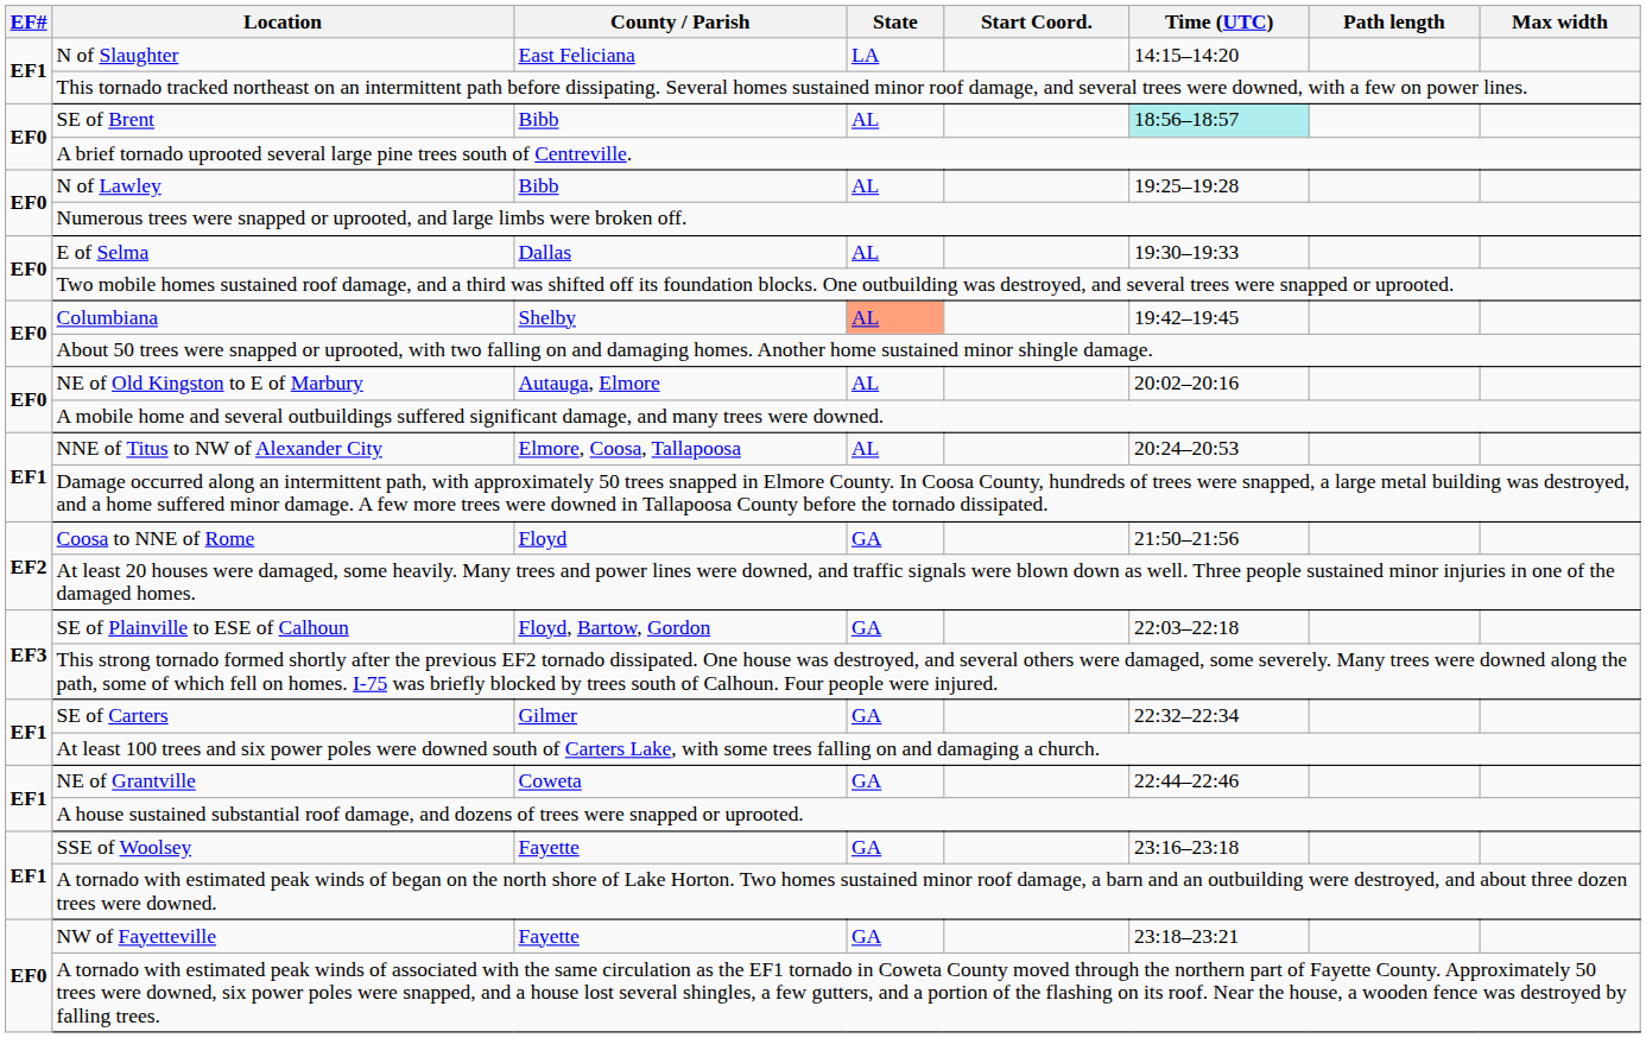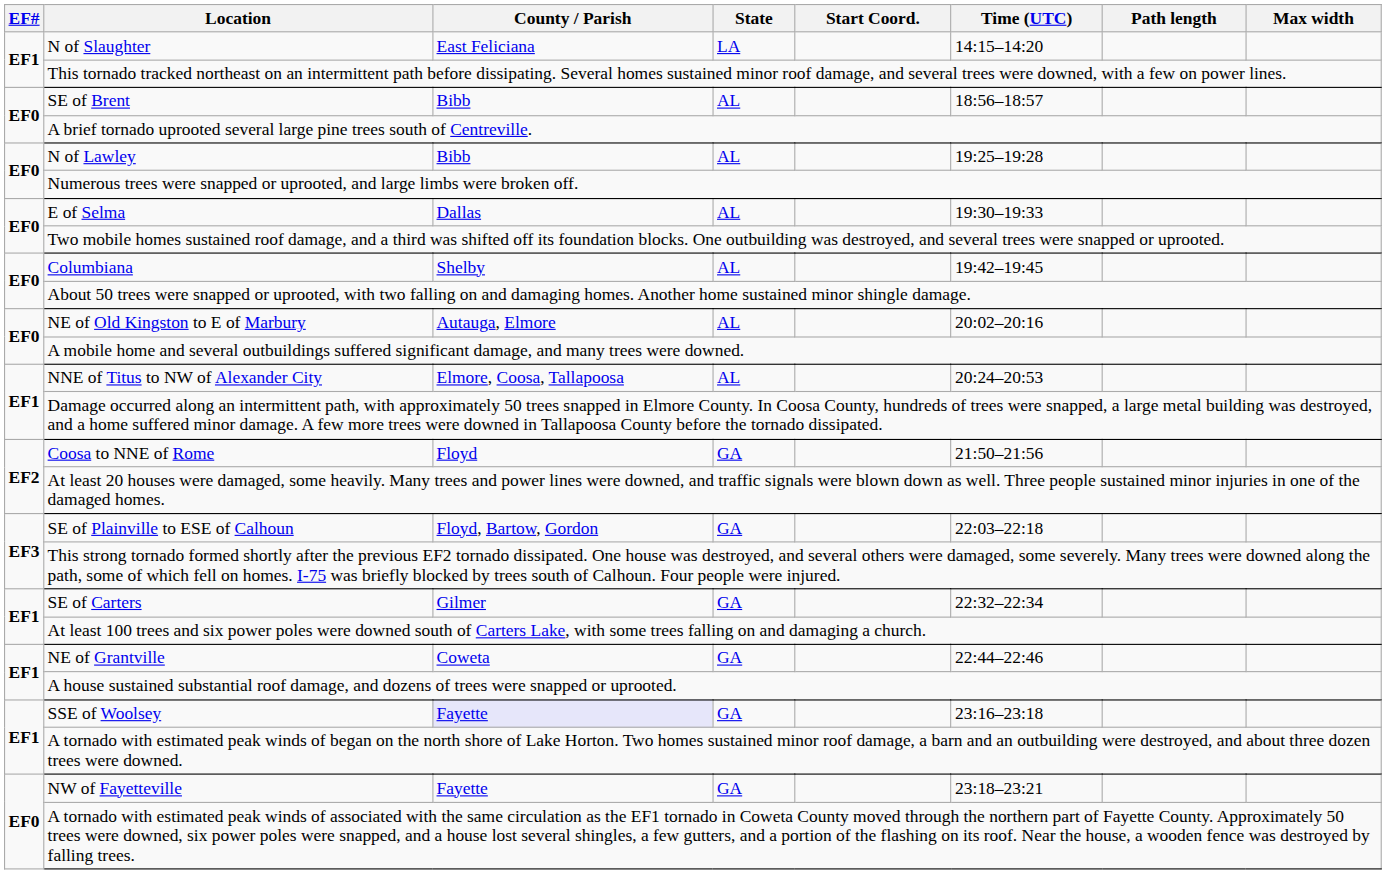 <table class="wikitable sortable" style="width:100%;">
 <tr>
 <th scope="col" width="2%" align="center"><a href='#'>EF#</a></th>
 <th scope="col" align="center" class="unsortable">Location</th>
 <th scope="col" align="center" class="unsortable">County / Parish</th>
 <th scope="col" align="center">State</th>
 <th scope="col" align="center" data-sort-type="number">Start Coord.</th>
 <th scope="col" align="center" data-sort-type="number">Time (<a href='#'>UTC</a>)</th>
 <th scope="col" align="center" data-sort-type="number">Path length</th>
 <th scope="col" align="center" data-sort-type="number">Max width</th>
 </tr>
 <tr>
 <td rowspan="2" align="center"><strong>EF1</strong></td>
 <td>N of <a href='#'>Slaughter</a></td>
 <td><a href='#'>East Feliciana</a></td>
 <td><a href='#'>LA</a></td>
 <td></td>
 <td>14:15–14:20</td>
 <td></td>
 <td></td>
 </tr>
 <tr class="expand-child">
 <td colspan="7" style=" border-bottom: 1px solid black;">This tornado tracked northeast on an intermittent path before dissipating. Several homes sustained minor roof damage, and several trees were downed, with a few on power lines.</td>
 </tr>
 <tr>
 <td rowspan="2" align="center"><strong>EF0</strong></td>
 <td>SE of <a href='#'>Brent</a></td>
 <td><a href='#'>Bibb</a></td>
 <td><a href='#'>AL</a></td>
 <td></td>
-<td style="background: paleturquoise;">18:56–18:57</td>
+<td>18:56–18:57</td>
 <td></td>
 <td></td>
 </tr>
 <tr class="expand-child">
 <td colspan="7" style=" border-bottom: 1px solid black;">A brief tornado uprooted several large pine trees south of <a href='#'>Centreville</a>.</td>
 </tr>
 <tr>
 <td rowspan="2" align="center"><strong>EF0</strong></td>
 <td>N of <a href='#'>Lawley</a></td>
 <td><a href='#'>Bibb</a></td>
 <td><a href='#'>AL</a></td>
 <td></td>
 <td>19:25–19:28</td>
 <td></td>
 <td></td>
 </tr>
 <tr class="expand-child">
 <td colspan="7" style=" border-bottom: 1px solid black;">Numerous trees were snapped or uprooted, and large limbs were broken off.</td>
 </tr>
 <tr>
 <td rowspan="2" align="center"><strong>EF0</strong></td>
 <td>E of <a href='#'>Selma</a></td>
 <td><a href='#'>Dallas</a></td>
 <td><a href='#'>AL</a></td>
 <td></td>
 <td>19:30–19:33</td>
 <td></td>
 <td></td>
 </tr>
 <tr class="expand-child">
 <td colspan="7" style=" border-bottom: 1px solid black;">Two mobile homes sustained roof damage, and a third was shifted off its foundation blocks. One outbuilding was destroyed, and several trees were snapped or uprooted.</td>
 </tr>
 <tr>
 <td rowspan="2" align="center"><strong>EF0</strong></td>
 <td><a href='#'>Columbiana</a></td>
 <td><a href='#'>Shelby</a></td>
-<td style="background: lightsalmon;"><a href='#'>AL</a></td>
+<td><a href='#'>AL</a></td>
 <td></td>
 <td>19:42–19:45</td>
 <td></td>
 <td></td>
 </tr>
 <tr class="expand-child">
 <td colspan="7" style=" border-bottom: 1px solid black;">About 50 trees were snapped or uprooted, with two falling on and damaging homes. Another home sustained minor shingle damage.</td>
 </tr>
 <tr>
 <td rowspan="2" align="center"><strong>EF0</strong></td>
 <td>NE of <a href='#'>Old Kingston</a> to E of <a href='#'>Marbury</a></td>
 <td><a href='#'>Autauga</a>, <a href='#'>Elmore</a></td>
 <td><a href='#'>AL</a></td>
 <td></td>
 <td>20:02–20:16</td>
 <td></td>
 <td></td>
 </tr>
 <tr class="expand-child">
 <td colspan="7" style=" border-bottom: 1px solid black;">A mobile home and several outbuildings suffered significant damage, and many trees were downed.</td>
 </tr>
 <tr>
 <td rowspan="2" align="center"><strong>EF1</strong></td>
 <td>NNE of <a href='#'>Titus</a> to NW of <a href='#'>Alexander City</a></td>
 <td><a href='#'>Elmore</a>, <a href='#'>Coosa</a>, <a href='#'>Tallapoosa</a></td>
 <td><a href='#'>AL</a></td>
 <td></td>
 <td>20:24–20:53</td>
 <td></td>
 <td></td>
 </tr>
 <tr class="expand-child">
 <td colspan="7" style=" border-bottom: 1px solid black;">Damage occurred along an intermittent path, with approximately 50 trees snapped in Elmore County. In Coosa County, hundreds of trees were snapped, a large metal building was destroyed, and a home suffered minor damage. A few more trees were downed in Tallapoosa County before the tornado dissipated.</td>
 </tr>
 <tr>
 <td rowspan="2" align="center"><strong>EF2</strong></td>
 <td><a href='#'>Coosa</a> to NNE of <a href='#'>Rome</a></td>
 <td><a href='#'>Floyd</a></td>
 <td><a href='#'>GA</a></td>
 <td></td>
 <td>21:50–21:56</td>
 <td></td>
 <td></td>
 </tr>
 <tr class="expand-child">
 <td colspan="7" style=" border-bottom: 1px solid black;">At least 20 houses were damaged, some heavily. Many trees and power lines were downed, and traffic signals were blown down as well. Three people sustained minor injuries in one of the damaged homes.</td>
 </tr>
 <tr>
 <td rowspan="2" align="center"><strong>EF3</strong></td>
 <td>SE of <a href='#'>Plainville</a> to ESE of <a href='#'>Calhoun</a></td>
 <td><a href='#'>Floyd</a>, <a href='#'>Bartow</a>, <a href='#'>Gordon</a></td>
 <td><a href='#'>GA</a></td>
 <td></td>
 <td>22:03–22:18</td>
 <td></td>
 <td></td>
 </tr>
 <tr class="expand-child">
 <td colspan="7" style=" border-bottom: 1px solid black;">This strong tornado formed shortly after the previous EF2 tornado dissipated. One house was destroyed, and several others were damaged, some severely. Many trees were downed along the path, some of which fell on homes. <a href='#'>I-75</a> was briefly blocked by trees south of Calhoun. Four people were injured.</td>
 </tr>
 <tr>
 <td rowspan="2" align="center"><strong>EF1</strong></td>
 <td>SE of <a href='#'>Carters</a></td>
 <td><a href='#'>Gilmer</a></td>
 <td><a href='#'>GA</a></td>
 <td></td>
 <td>22:32–22:34</td>
 <td></td>
 <td></td>
 </tr>
 <tr class="expand-child">
 <td colspan="7" style=" border-bottom: 1px solid black;">At least 100 trees and six power poles were downed south of <a href='#'>Carters Lake</a>, with some trees falling on and damaging a church.</td>
 </tr>
 <tr>
 <td rowspan="2" align="center"><strong>EF1</strong></td>
 <td>NE of <a href='#'>Grantville</a></td>
 <td><a href='#'>Coweta</a></td>
 <td><a href='#'>GA</a></td>
 <td></td>
 <td>22:44–22:46</td>
 <td></td>
 <td></td>
 </tr>
 <tr class="expand-child">
 <td colspan="7" style=" border-bottom: 1px solid black;">A house sustained substantial roof damage, and dozens of trees were snapped or uprooted.</td>
 </tr>
 <tr>
 <td rowspan="2" align="center"><strong>EF1</strong></td>
 <td>SSE of <a href='#'>Woolsey</a></td>
-<td><a href='#'>Fayette</a></td>
+<td style="background: lavender;"><a href='#'>Fayette</a></td>
 <td><a href='#'>GA</a></td>
 <td></td>
 <td>23:16–23:18</td>
 <td></td>
 <td></td>
 </tr>
 <tr class="expand-child">
 <td colspan="7" style=" border-bottom: 1px solid black;">A tornado with estimated peak winds of  began on the north shore of Lake Horton. Two homes sustained minor roof damage, a barn and an outbuilding were destroyed, and about three dozen trees were downed.</td>
 </tr>
 <tr>
 <td rowspan="2" align="center"><strong>EF0</strong></td>
 <td>NW of <a href='#'>Fayetteville</a></td>
 <td><a href='#'>Fayette</a></td>
 <td><a href='#'>GA</a></td>
 <td></td>
 <td>23:18–23:21</td>
 <td></td>
 <td></td>
 </tr>
 <tr class="expand-child">
 <td colspan="7" style=" border-bottom: 1px solid black;">A tornado with estimated peak winds of  associated with the same circulation as the EF1 tornado in Coweta County moved through the northern part of Fayette County. Approximately 50 trees were downed, six power poles were snapped, and a house lost several shingles, a few gutters, and a portion of the flashing on its roof. Near the house, a wooden fence was destroyed by falling trees.</td>
 </tr>
 </table>
